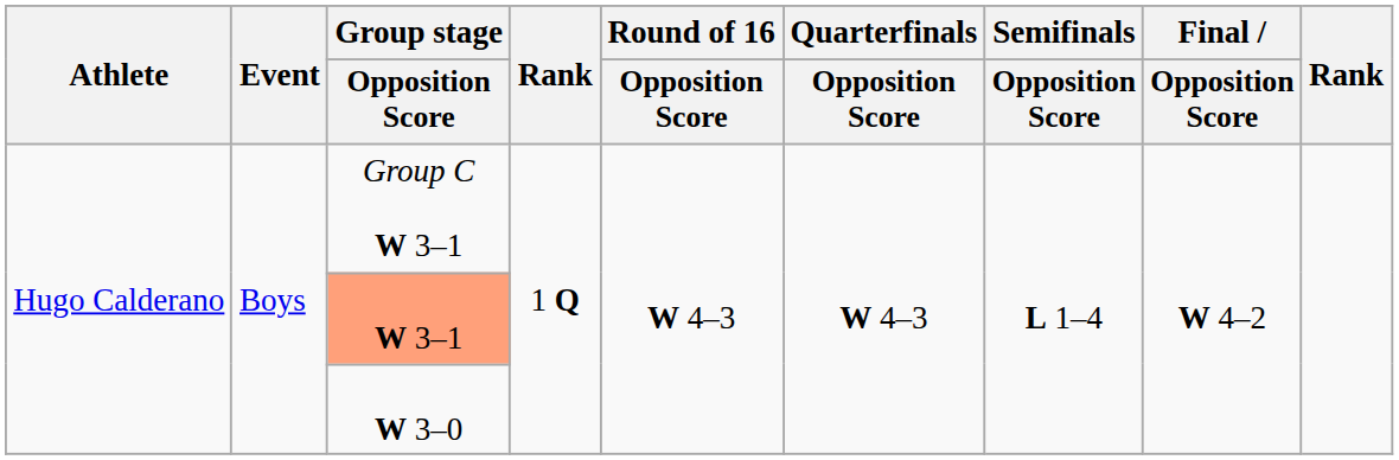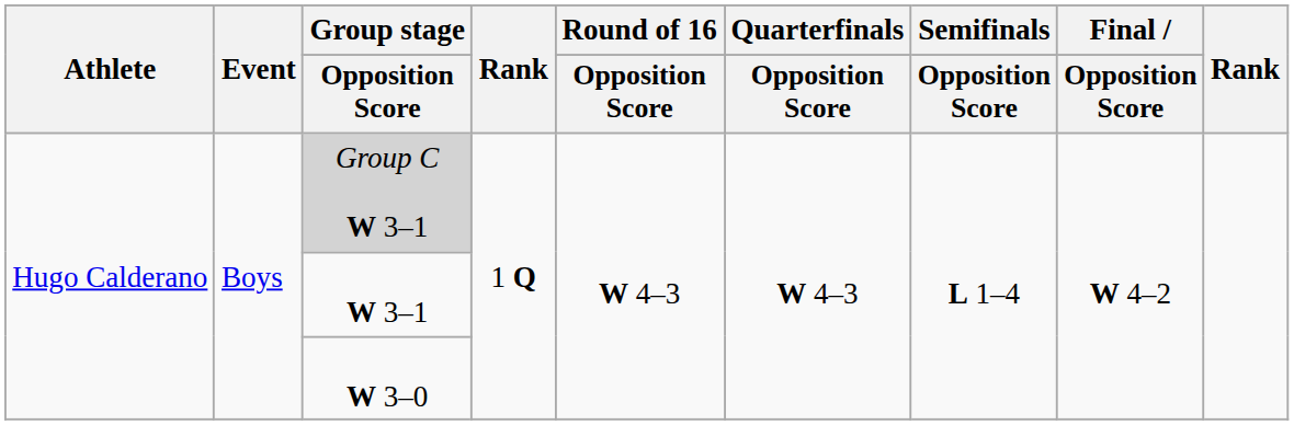 <table class=wikitable style="font-size:90%">
 <tr>
 <th rowspan="2">Athlete</th>
 <th rowspan="2">Event</th>
 <th>Group stage</th>
 <th rowspan="2">Rank</th>
 <th>Round of 16</th>
 <th>Quarterfinals</th>
 <th>Semifinals</th>
 <th>Final / </th>
 <th rowspan=2>Rank</th>
 </tr>
 <tr style="font-size:95%">
 <th>Opposition<br>Score</th>
 <th>Opposition<br>Score</th>
 <th>Opposition<br>Score</th>
 <th>Opposition<br>Score</th>
 <th>Opposition<br>Score</th>
 </tr>
 <tr align=center>
 <td align=left rowspan=3><a href='#'>Hugo Calderano</a></td>
 <td align=left rowspan=3><a href='#'>Boys</a></td>
-<td><em>Group C</em><br><br><strong>W</strong> 3–1</td>
+<td style="background: lightgrey;"><em>Group C</em><br><br><strong>W</strong> 3–1</td>
 <td rowspan=3>1 <strong>Q</strong></td>
 <td rowspan=3><br><strong>W</strong> 4–3</td>
 <td rowspan=3><br><strong>W</strong> 4–3</td>
 <td rowspan=3><br><strong>L</strong> 1–4</td>
 <td rowspan=3><br><strong>W</strong> 4–2</td>
 <td rowspan=3></td>
 </tr>
 <tr align=center>
-<td style="background: lightsalmon;"><br><strong>W</strong> 3–1</td>
+<td><br><strong>W</strong> 3–1</td>
 </tr>
 <tr align=center>
 <td><br><strong>W</strong> 3–0</td>
 </tr>
 </table>
